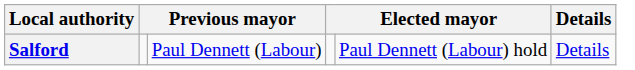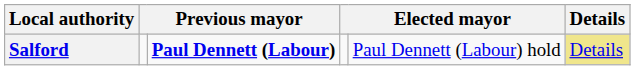 <table class="wikitable" border="1">
 <tr>
 <th>Local authority</th>
 <th colspan="2">Previous mayor</th>
 <th colspan="2">Elected mayor</th>
 <th>Details</th>
 </tr>
 <tr>
 <th scope="row" style="text-align: left;"><a href='#'>Salford</a></th>
 <td></td>
-<td><a href='#'>Paul Dennett</a> (<a href='#'>Labour</a>)</td>
+<td><strong><a href='#'>Paul Dennett</a> (<a href='#'>Labour</a>)</strong></td>
 <td></td>
 <td><a href='#'>Paul Dennett</a> (<a href='#'>Labour</a>) hold</td>
-<td><a href='#'>Details</a></td>
+<td style="background: khaki;"><a href='#'>Details</a></td>
 </tr>
 </table>
